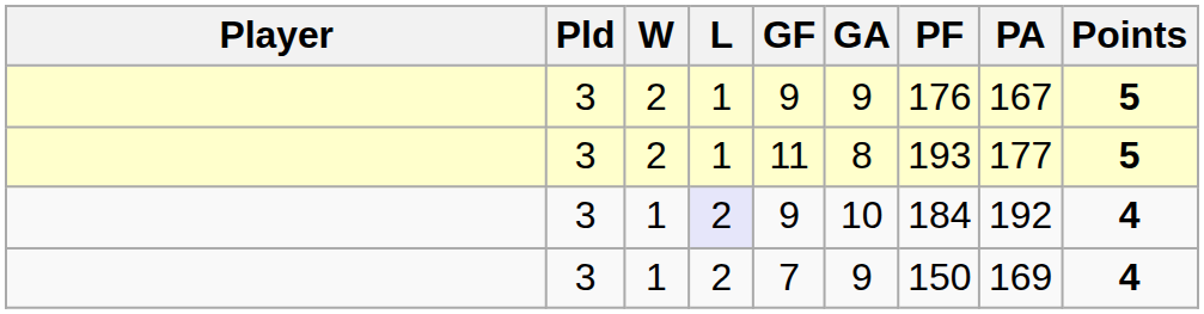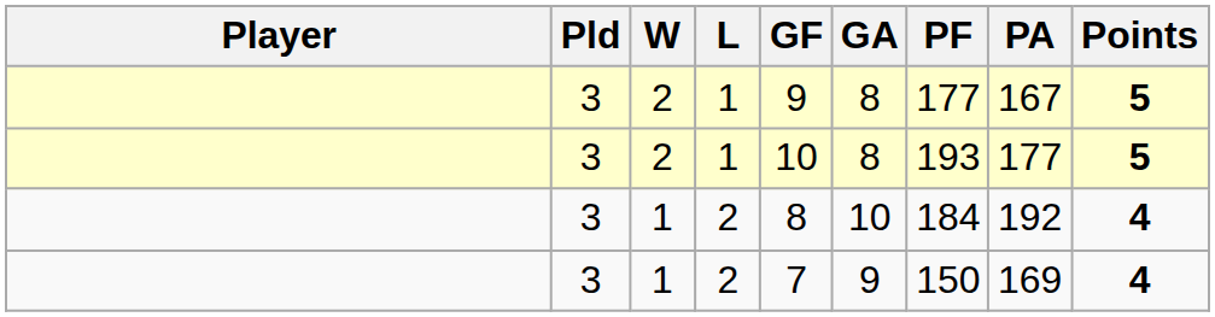 <table class=wikitable style="text-align:center">
 <tr>
 <th width=220>Player</th>
 <th width=20>Pld</th>
 <th width=20>W</th>
 <th width=20>L</th>
 <th width=20>GF</th>
 <th width=20>GA</th>
 <th width=20>PF</th>
 <th width=20>PA</th>
 <th width=50>Points</th>
 </tr>
 <tr bgcolor=#ffffcc>
 <td align=left></td>
 <td>3</td>
 <td>2</td>
 <td>1</td>
 <td>9</td>
-<td>9</td>
-<td>176</td>
+<td>8</td>
+<td>177</td>
 <td>167</td>
 <td><strong>5</strong></td>
 </tr>
 <tr bgcolor=#ffffcc>
 <td align=left></td>
 <td>3</td>
 <td>2</td>
 <td>1</td>
-<td>11</td>
+<td>10</td>
 <td>8</td>
 <td>193</td>
 <td>177</td>
 <td><strong>5</strong></td>
 </tr>
 <tr>
 <td align=left></td>
 <td>3</td>
 <td>1</td>
-<td style="background: lavender;">2</td>
-<td>9</td>
+<td>2</td>
+<td>8</td>
 <td>10</td>
 <td>184</td>
 <td>192</td>
 <td><strong>4</strong></td>
 </tr>
 <tr>
 <td align=left></td>
 <td>3</td>
 <td>1</td>
 <td>2</td>
 <td>7</td>
 <td>9</td>
 <td>150</td>
 <td>169</td>
 <td><strong>4</strong></td>
 </tr>
 </table>
